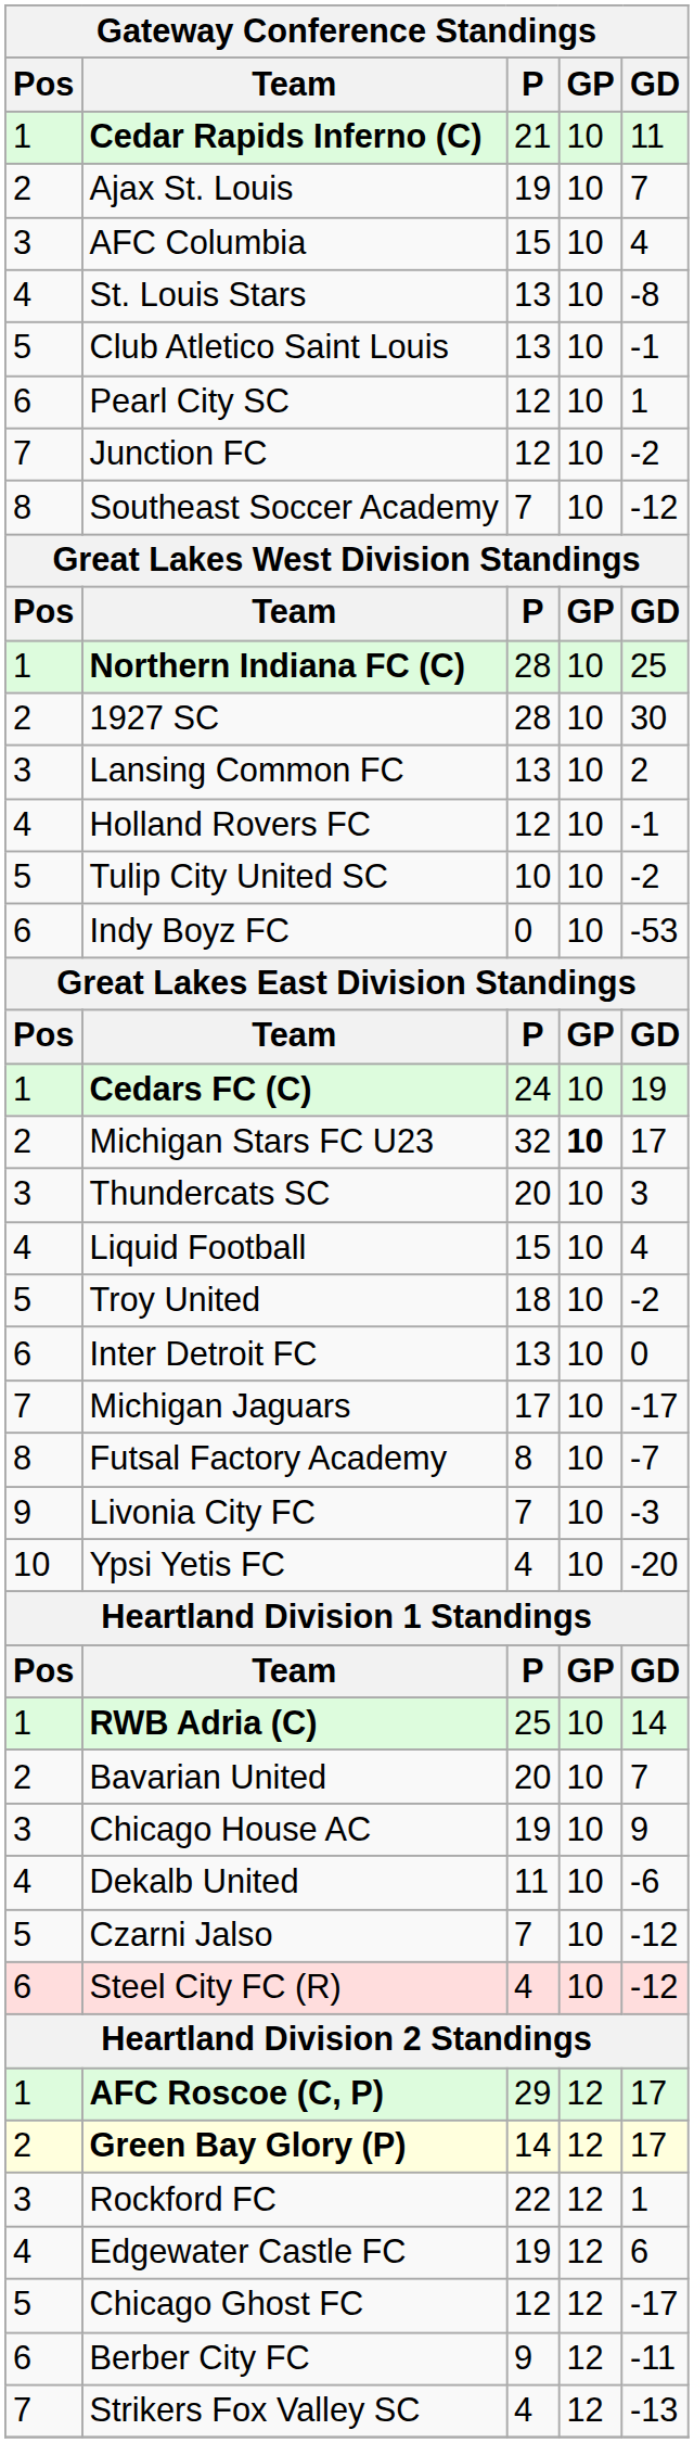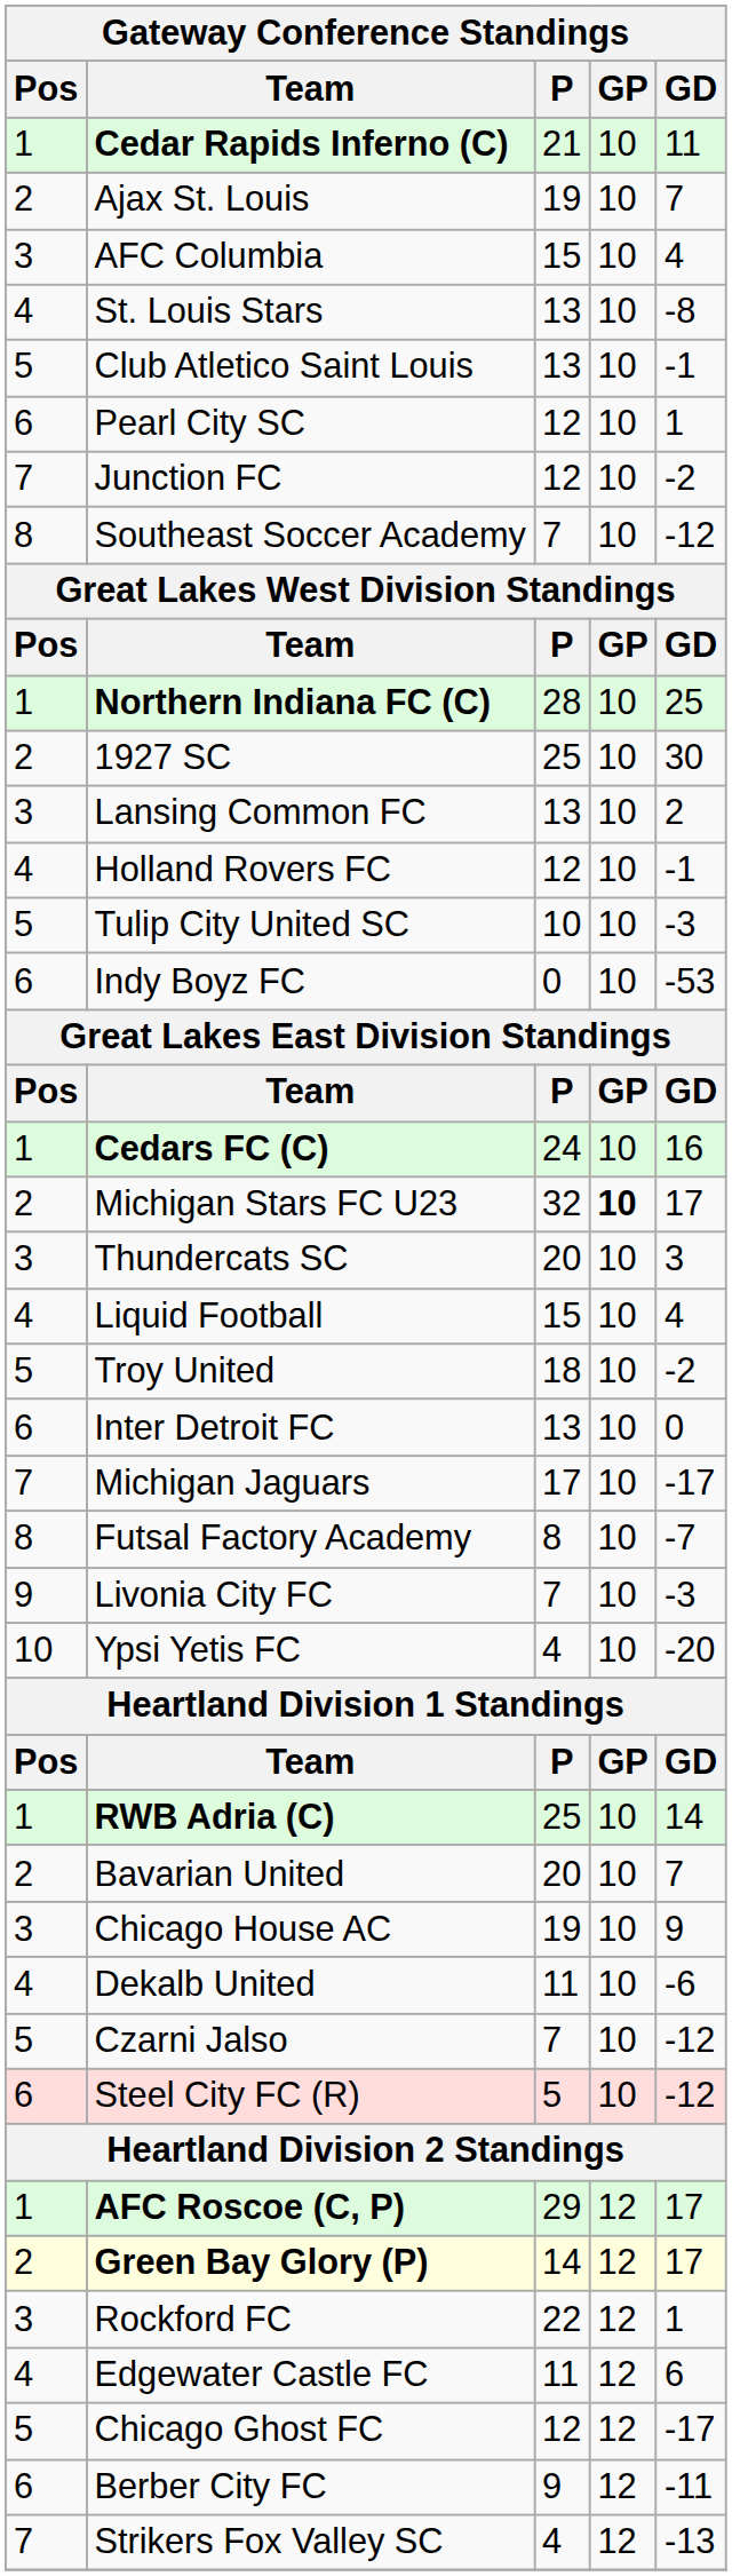 <table class="wikitable mw-collapsible">
 <tr>
 <th colspan="5">Gateway Conference Standings</th>
 </tr>
 <tr>
 <th>Pos</th>
 <th>Team</th>
 <th>P</th>
 <th>GP</th>
 <th>GD</th>
 </tr>
 <tr style="background:#DDFCDD">
 <td>1</td>
 <td><strong>Cedar Rapids Inferno (C)</strong></td>
 <td>21</td>
 <td>10</td>
 <td>11</td>
 </tr>
 <tr>
 <td>2</td>
 <td>Ajax St. Louis</td>
 <td>19</td>
 <td>10</td>
 <td>7</td>
 </tr>
 <tr>
 <td>3</td>
 <td>AFC Columbia</td>
 <td>15</td>
 <td>10</td>
 <td>4</td>
 </tr>
 <tr>
 <td>4</td>
 <td>St. Louis Stars</td>
 <td>13</td>
 <td>10</td>
 <td>-8</td>
 </tr>
 <tr>
 <td>5</td>
 <td>Club Atletico Saint Louis</td>
 <td>13</td>
 <td>10</td>
 <td>-1</td>
 </tr>
 <tr>
 <td>6</td>
 <td>Pearl City SC</td>
 <td>12</td>
 <td>10</td>
 <td>1</td>
 </tr>
 <tr>
 <td>7</td>
 <td>Junction FC</td>
 <td>12</td>
 <td>10</td>
 <td>-2</td>
 </tr>
 <tr>
 <td>8</td>
 <td>Southeast Soccer Academy</td>
 <td>7</td>
 <td>10</td>
 <td>-12</td>
 </tr>
 <tr>
 <th colspan="5">Great Lakes West Division Standings</th>
 </tr>
 <tr>
 <th>Pos</th>
 <th>Team</th>
 <th>P</th>
 <th>GP</th>
 <th>GD</th>
 </tr>
 <tr style="background:#DDFCDD">
 <td>1</td>
 <td><strong>Northern Indiana FC (C)</strong></td>
 <td>28</td>
 <td>10</td>
 <td>25</td>
 </tr>
 <tr>
 <td>2</td>
 <td>1927 SC</td>
-<td>28</td>
+<td>25</td>
 <td>10</td>
 <td>30</td>
 </tr>
 <tr>
 <td>3</td>
 <td>Lansing Common FC</td>
 <td>13</td>
 <td>10</td>
 <td>2</td>
 </tr>
 <tr>
 <td>4</td>
 <td>Holland Rovers FC</td>
 <td>12</td>
 <td>10</td>
 <td>-1</td>
 </tr>
 <tr>
 <td>5</td>
 <td>Tulip City United SC</td>
 <td>10</td>
 <td>10</td>
-<td>-2</td>
+<td>-3</td>
 </tr>
 <tr>
 <td>6</td>
 <td>Indy Boyz FC</td>
 <td>0</td>
 <td>10</td>
 <td>-53</td>
 </tr>
 <tr>
 <th colspan="5">Great Lakes East Division Standings</th>
 </tr>
 <tr>
 <th>Pos</th>
 <th>Team</th>
 <th>P</th>
 <th>GP</th>
 <th>GD</th>
 </tr>
 <tr style="background:#DDFCDD">
 <td>1</td>
 <td><strong>Cedars FC (C)</strong></td>
 <td>24</td>
 <td>10</td>
-<td>19</td>
+<td>16</td>
 </tr>
 <tr>
 <td>2</td>
 <td>Michigan Stars FC U23</td>
 <td>32</td>
 <td><strong>10</strong></td>
 <td>17</td>
 </tr>
 <tr>
 <td>3</td>
 <td>Thundercats SC</td>
 <td>20</td>
 <td>10</td>
 <td>3</td>
 </tr>
 <tr>
 <td>4</td>
 <td>Liquid Football</td>
 <td>15</td>
 <td>10</td>
 <td>4</td>
 </tr>
 <tr>
 <td>5</td>
 <td>Troy United</td>
 <td>18</td>
 <td>10</td>
 <td>-2</td>
 </tr>
 <tr>
 <td>6</td>
 <td>Inter Detroit FC</td>
 <td>13</td>
 <td>10</td>
 <td>0</td>
 </tr>
 <tr>
 <td>7</td>
 <td>Michigan Jaguars</td>
 <td>17</td>
 <td>10</td>
 <td>-17</td>
 </tr>
 <tr>
 <td>8</td>
 <td>Futsal Factory Academy</td>
 <td>8</td>
 <td>10</td>
 <td>-7</td>
 </tr>
 <tr>
 <td>9</td>
 <td>Livonia City FC</td>
 <td>7</td>
 <td>10</td>
 <td>-3</td>
 </tr>
 <tr>
 <td>10</td>
 <td>Ypsi Yetis FC</td>
 <td>4</td>
 <td>10</td>
 <td>-20</td>
 </tr>
 <tr>
 <th colspan="5">Heartland Division 1 Standings</th>
 </tr>
 <tr>
 <th>Pos</th>
 <th>Team</th>
 <th>P</th>
 <th>GP</th>
 <th>GD</th>
 </tr>
 <tr style="background:#DDFCDD">
 <td>1</td>
 <td><strong>RWB Adria (C)</strong></td>
 <td>25</td>
 <td>10</td>
 <td>14</td>
 </tr>
 <tr>
 <td>2</td>
 <td>Bavarian United</td>
 <td>20</td>
 <td>10</td>
 <td>7</td>
 </tr>
 <tr>
 <td>3</td>
 <td>Chicago House AC</td>
 <td>19</td>
 <td>10</td>
 <td>9</td>
 </tr>
 <tr>
 <td>4</td>
 <td>Dekalb United</td>
 <td>11</td>
 <td>10</td>
 <td>-6</td>
 </tr>
 <tr>
 <td>5</td>
 <td>Czarni Jalso</td>
 <td>7</td>
 <td>10</td>
 <td>-12</td>
 </tr>
 <tr style="background:#FFDDDD">
 <td>6</td>
 <td>Steel City FC (R)</td>
-<td>4</td>
+<td>5</td>
 <td>10</td>
 <td>-12</td>
 </tr>
 <tr>
 <th colspan="5">Heartland Division 2 Standings</th>
 </tr>
 <tr style="background:#DDFCDD">
 <td>1</td>
 <td><strong>AFC Roscoe (C, P)</strong></td>
 <td>29</td>
 <td>12</td>
 <td>17</td>
 </tr>
 <tr style="background:#FFFFDD">
 <td>2</td>
 <td><strong>Green Bay Glory (P)</strong></td>
 <td>14</td>
 <td>12</td>
 <td>17</td>
 </tr>
 <tr>
 <td>3</td>
 <td>Rockford FC</td>
 <td>22</td>
 <td>12</td>
 <td>1</td>
 </tr>
 <tr>
 <td>4</td>
 <td>Edgewater Castle FC</td>
-<td>19</td>
+<td>11</td>
 <td>12</td>
 <td>6</td>
 </tr>
 <tr>
 <td>5</td>
 <td>Chicago Ghost FC</td>
 <td>12</td>
 <td>12</td>
 <td>-17</td>
 </tr>
 <tr>
 <td>6</td>
 <td>Berber City FC</td>
 <td>9</td>
 <td>12</td>
 <td>-11</td>
 </tr>
 <tr>
 <td>7</td>
 <td>Strikers Fox Valley SC</td>
 <td>4</td>
 <td>12</td>
 <td>-13</td>
 </tr>
 <tr>
 </tr>
 </table>
